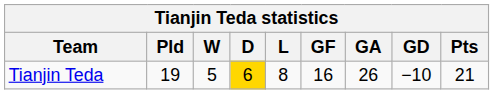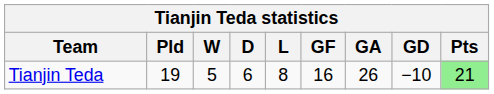 <table width=70% class="wikitable" style="text-align:">
 <tr>
 <th colspan=9>Tianjin Teda statistics</th>
 </tr>
 <tr>
 <th width=20%>Team</th>
 <th width=5%>Pld</th>
 <th width=5%>W</th>
 <th width=5%>D</th>
 <th width=5%>L</th>
 <th width=5%>GF</th>
 <th width=5%>GA</th>
 <th width=5%>GD</th>
 <th width=5%>Pts</th>
 </tr>
 <tr align=center>
 <td align=left> <a href='#'>Tianjin Teda</a></td>
 <td>19</td>
 <td>5</td>
-<td style="background: gold;">6</td>
+<td>6</td>
 <td>8</td>
 <td>16</td>
 <td>26</td>
 <td>−10</td>
-<td>21</td>
+<td style="background: lightgreen;">21</td>
 </tr>
 </table>
